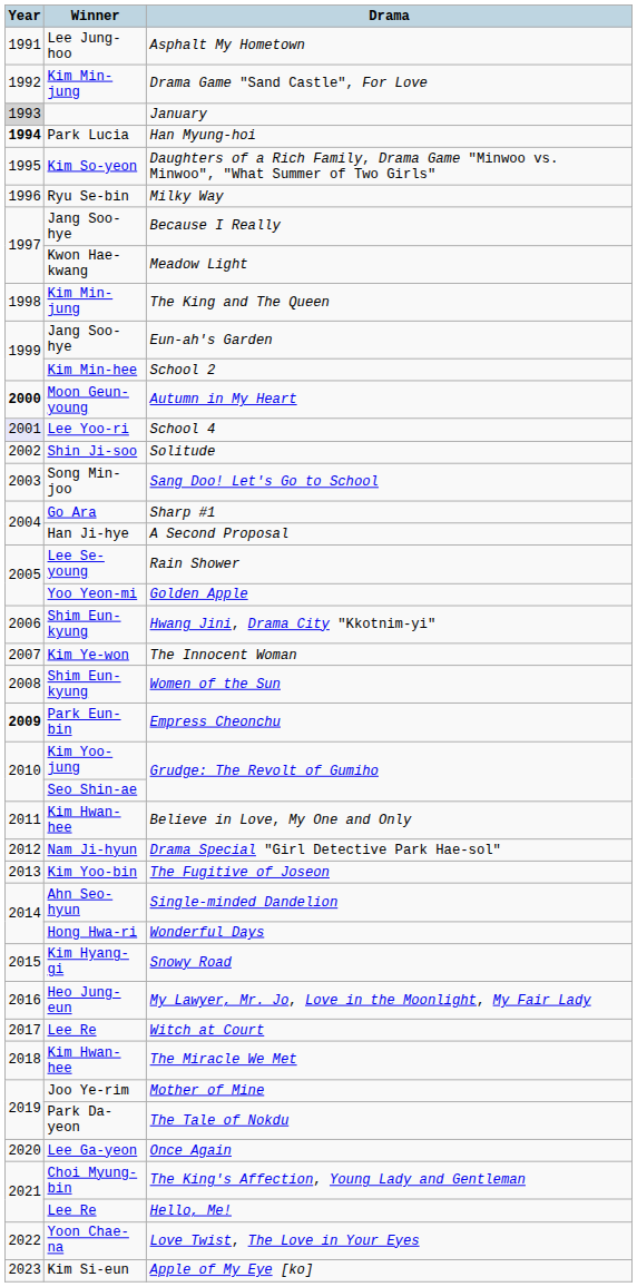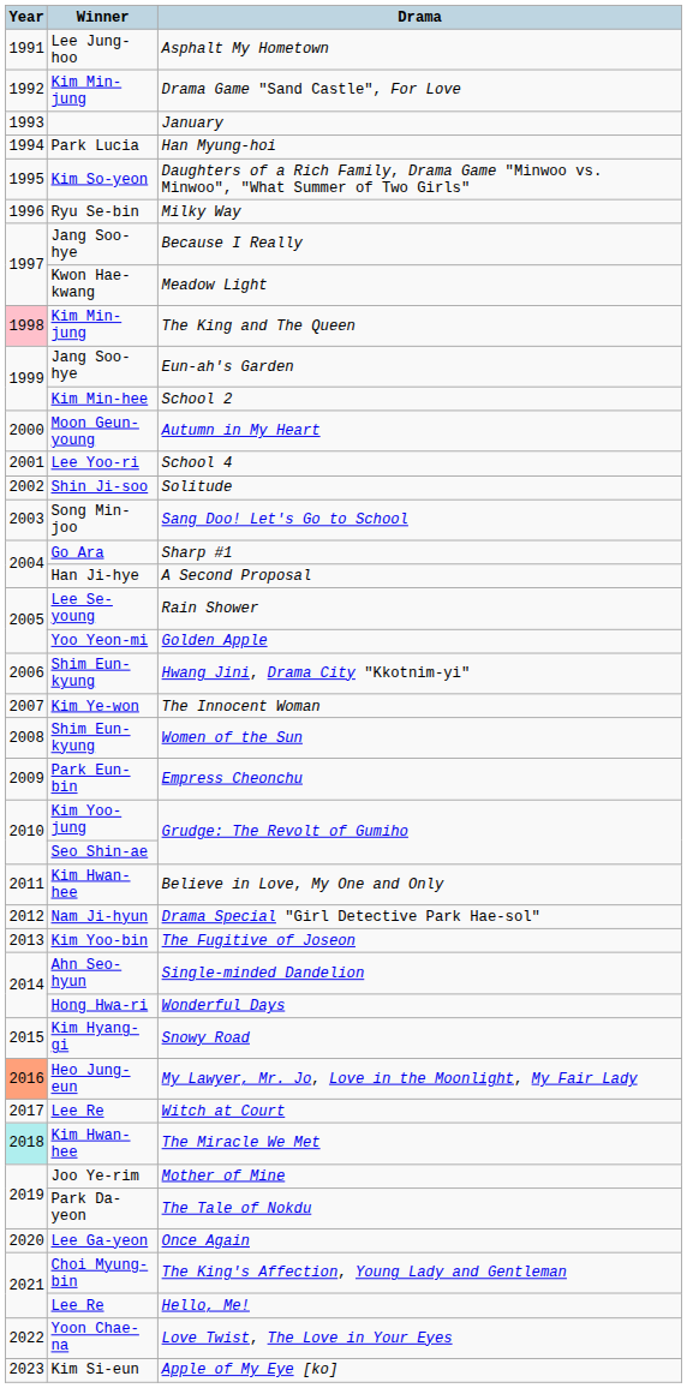 <table class="wikitable" style="width:600px">
 <tr>
 <th style="background:#BED5E1;" width="30">Year</th>
 <th style="background:#BED5E1;">Winner</th>
 <th style="background:#BED5E1;">Drama</th>
 </tr>
 <tr>
 <td>1991</td>
 <td>Lee Jung-hoo</td>
 <td><em>Asphalt My Hometown</em></td>
 </tr>
 <tr>
 <td>1992</td>
 <td><a href='#'>Kim Min-jung</a></td>
 <td><em>Drama Game</em> "Sand Castle", <em>For Love</em></td>
 </tr>
 <tr>
-<td style="background: lightgrey;">1993</td>
+<td>1993</td>
 <td></td>
 <td><em>January</em></td>
 </tr>
 <tr>
-<td><strong>1994</strong></td>
+<td>1994</td>
 <td>Park Lucia</td>
 <td><em>Han Myung-hoi</em></td>
 </tr>
 <tr>
 <td>1995</td>
 <td><a href='#'>Kim So-yeon</a></td>
 <td><em>Daughters of a Rich Family</em>, <em>Drama Game</em> "Minwoo vs. Minwoo", "What Summer of Two Girls"</td>
 </tr>
 <tr>
 <td>1996</td>
 <td>Ryu Se-bin</td>
 <td><em>Milky Way</em></td>
 </tr>
 <tr>
 <td rowspan="2">1997</td>
 <td>Jang Soo-hye</td>
 <td><em>Because I Really</em></td>
 </tr>
 <tr>
 <td>Kwon Hae-kwang</td>
 <td><em>Meadow Light</em></td>
 </tr>
 <tr>
-<td>1998</td>
+<td style="background: pink;">1998</td>
 <td><a href='#'>Kim Min-jung</a></td>
 <td><em>The King and The Queen</em></td>
 </tr>
 <tr>
 <td rowspan="2">1999</td>
 <td>Jang Soo-hye</td>
 <td><em>Eun-ah's Garden</em></td>
 </tr>
 <tr>
 <td><a href='#'>Kim Min-hee</a></td>
 <td><em>School 2</em></td>
 </tr>
 <tr>
-<td><strong>2000</strong></td>
+<td>2000</td>
 <td><a href='#'>Moon Geun-young</a></td>
 <td><em><a href='#'>Autumn in My Heart</a></em></td>
 </tr>
 <tr>
-<td style="background: lavender;">2001</td>
+<td>2001</td>
 <td><a href='#'>Lee Yoo-ri</a></td>
 <td><em>School 4</em></td>
 </tr>
 <tr>
 <td>2002</td>
 <td><a href='#'>Shin Ji-soo</a></td>
 <td><em>Solitude</em></td>
 </tr>
 <tr>
 <td>2003</td>
 <td>Song Min-joo</td>
 <td><em><a href='#'>Sang Doo! Let's Go to School</a></em></td>
 </tr>
 <tr>
 <td rowspan="2">2004</td>
 <td><a href='#'>Go Ara</a></td>
 <td><em>Sharp #1</em></td>
 </tr>
 <tr>
 <td>Han Ji-hye </td>
 <td><em>A Second Proposal</em></td>
 </tr>
 <tr>
 <td rowspan="2">2005</td>
 <td><a href='#'>Lee Se-young</a></td>
 <td><em>Rain Shower</em></td>
 </tr>
 <tr>
 <td><a href='#'>Yoo Yeon-mi</a></td>
 <td><em><a href='#'>Golden Apple</a></em></td>
 </tr>
 <tr>
 <td>2006</td>
 <td><a href='#'>Shim Eun-kyung</a></td>
 <td><em><a href='#'>Hwang Jini</a></em>, <em><a href='#'>Drama City</a></em> "Kkotnim-yi"</td>
 </tr>
 <tr>
 <td>2007</td>
 <td><a href='#'>Kim Ye-won</a></td>
 <td><em>The Innocent Woman</em></td>
 </tr>
 <tr>
 <td>2008</td>
 <td><a href='#'>Shim Eun-kyung</a></td>
 <td><em><a href='#'>Women of the Sun</a></em></td>
 </tr>
 <tr>
-<td><strong>2009</strong></td>
+<td>2009</td>
 <td><a href='#'>Park Eun-bin</a></td>
 <td><em><a href='#'>Empress Cheonchu</a></em></td>
 </tr>
 <tr>
 <td rowspan="2">2010</td>
 <td><a href='#'>Kim Yoo-jung</a></td>
 <td rowspan="2"><em><a href='#'>Grudge: The Revolt of Gumiho</a></em></td>
 </tr>
 <tr>
 <td><a href='#'>Seo Shin-ae</a></td>
 </tr>
 <tr>
 <td>2011</td>
 <td><a href='#'>Kim Hwan-hee</a></td>
 <td><em>Believe in Love</em>, <em>My One and Only</em></td>
 </tr>
 <tr>
 <td>2012</td>
 <td><a href='#'>Nam Ji-hyun</a></td>
 <td><em><a href='#'>Drama Special</a></em> "Girl Detective Park Hae-sol"</td>
 </tr>
 <tr>
 <td>2013</td>
 <td><a href='#'>Kim Yoo-bin</a></td>
 <td><em><a href='#'>The Fugitive of Joseon</a></em></td>
 </tr>
 <tr>
 <td rowspan="2">2014</td>
 <td><a href='#'>Ahn Seo-hyun</a></td>
 <td><em><a href='#'>Single-minded Dandelion</a></em></td>
 </tr>
 <tr>
 <td><a href='#'>Hong Hwa-ri</a></td>
 <td><em><a href='#'>Wonderful Days</a></em></td>
 </tr>
 <tr>
 <td>2015</td>
 <td><a href='#'>Kim Hyang-gi</a></td>
 <td><em><a href='#'>Snowy Road</a></em></td>
 </tr>
 <tr>
-<td>2016</td>
+<td style="background: lightsalmon;">2016</td>
 <td><a href='#'>Heo Jung-eun</a></td>
 <td><em><a href='#'>My Lawyer, Mr. Jo</a></em>, <em><a href='#'>Love in the Moonlight</a></em>, <em><a href='#'>My Fair Lady</a></em></td>
 </tr>
 <tr>
 <td>2017</td>
 <td><a href='#'>Lee Re</a></td>
 <td><em><a href='#'>Witch at Court</a></em></td>
 </tr>
 <tr>
-<td>2018</td>
+<td style="background: paleturquoise;">2018</td>
 <td><a href='#'>Kim Hwan-hee</a></td>
 <td><em><a href='#'>The Miracle We Met</a></em></td>
 </tr>
 <tr>
 <td rowspan="2">2019</td>
 <td>Joo Ye-rim</td>
 <td><em><a href='#'>Mother of Mine</a></em></td>
 </tr>
 <tr>
 <td>Park Da-yeon</td>
 <td><em><a href='#'>The Tale of Nokdu</a></em></td>
 </tr>
 <tr>
 <td>2020</td>
 <td><a href='#'>Lee Ga-yeon</a></td>
 <td><em><a href='#'>Once Again</a></em></td>
 </tr>
 <tr>
 <td rowspan="2">2021</td>
 <td><a href='#'>Choi Myung-bin</a></td>
 <td><em><a href='#'>The King's Affection</a></em>, <em><a href='#'>Young Lady and Gentleman</a></em></td>
 </tr>
 <tr>
 <td><a href='#'>Lee Re</a></td>
 <td><em><a href='#'>Hello, Me!</a></em></td>
 </tr>
 <tr>
 <td>2022</td>
 <td><a href='#'>Yoon Chae-na</a></td>
 <td><em><a href='#'>Love Twist</a></em>, <em><a href='#'>The Love in Your Eyes</a></em></td>
 </tr>
 <tr>
 <td>2023</td>
 <td>Kim Si-eun</td>
 <td><em><a href='#'>Apple of My Eye</a> [ko]</em></td>
 </tr>
 </table>
